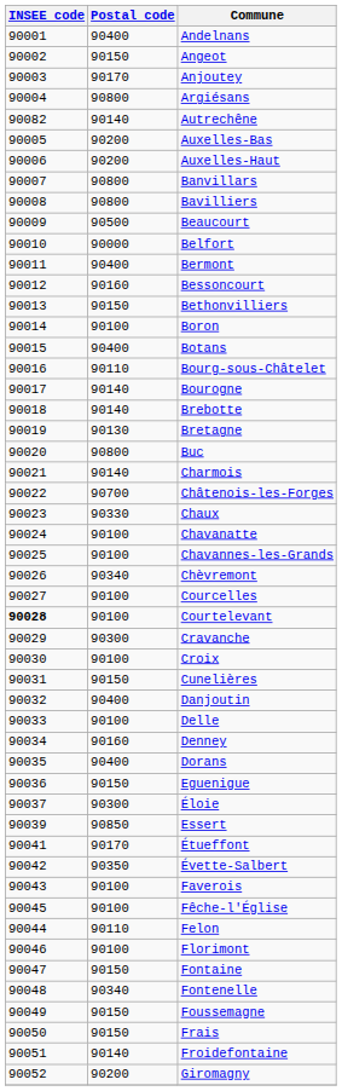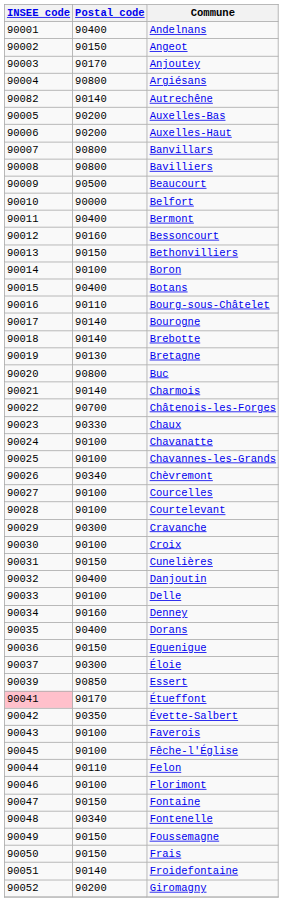 <table class="wikitable sortable">
 <tr>
 <th><a href='#'>INSEE code</a></th>
 <th><a href='#'>Postal code</a></th>
 <th>Commune</th>
 </tr>
 <tr>
 <td>90001</td>
 <td>90400</td>
 <td><a href='#'>Andelnans</a></td>
 </tr>
 <tr>
 <td>90002</td>
 <td>90150</td>
 <td><a href='#'>Angeot</a></td>
 </tr>
 <tr>
 <td>90003</td>
 <td>90170</td>
 <td><a href='#'>Anjoutey</a></td>
 </tr>
 <tr>
 <td>90004</td>
 <td>90800</td>
 <td><a href='#'>Argiésans</a></td>
 </tr>
 <tr>
 <td>90082</td>
 <td>90140</td>
 <td><a href='#'>Autrechêne</a></td>
 </tr>
 <tr>
 <td>90005</td>
 <td>90200</td>
 <td><a href='#'>Auxelles-Bas</a></td>
 </tr>
 <tr>
 <td>90006</td>
 <td>90200</td>
 <td><a href='#'>Auxelles-Haut</a></td>
 </tr>
 <tr>
 <td>90007</td>
 <td>90800</td>
 <td><a href='#'>Banvillars</a></td>
 </tr>
 <tr>
 <td>90008</td>
 <td>90800</td>
 <td><a href='#'>Bavilliers</a></td>
 </tr>
 <tr>
 <td>90009</td>
 <td>90500</td>
 <td><a href='#'>Beaucourt</a></td>
 </tr>
 <tr>
 <td>90010</td>
 <td>90000</td>
 <td><a href='#'>Belfort</a></td>
 </tr>
 <tr>
 <td>90011</td>
 <td>90400</td>
 <td><a href='#'>Bermont</a></td>
 </tr>
 <tr>
 <td>90012</td>
 <td>90160</td>
 <td><a href='#'>Bessoncourt</a></td>
 </tr>
 <tr>
 <td>90013</td>
 <td>90150</td>
 <td><a href='#'>Bethonvilliers</a></td>
 </tr>
 <tr>
 <td>90014</td>
 <td>90100</td>
 <td><a href='#'>Boron</a></td>
 </tr>
 <tr>
 <td>90015</td>
 <td>90400</td>
 <td><a href='#'>Botans</a></td>
 </tr>
 <tr>
 <td>90016</td>
 <td>90110</td>
 <td><a href='#'>Bourg-sous-Châtelet</a></td>
 </tr>
 <tr>
 <td>90017</td>
 <td>90140</td>
 <td><a href='#'>Bourogne</a></td>
 </tr>
 <tr>
 <td>90018</td>
 <td>90140</td>
 <td><a href='#'>Brebotte</a></td>
 </tr>
 <tr>
 <td>90019</td>
 <td>90130</td>
 <td><a href='#'>Bretagne</a></td>
 </tr>
 <tr>
 <td>90020</td>
 <td>90800</td>
 <td><a href='#'>Buc</a></td>
 </tr>
 <tr>
 <td>90021</td>
 <td>90140</td>
 <td><a href='#'>Charmois</a></td>
 </tr>
 <tr>
 <td>90022</td>
 <td>90700</td>
 <td><a href='#'>Châtenois-les-Forges</a></td>
 </tr>
 <tr>
 <td>90023</td>
 <td>90330</td>
 <td><a href='#'>Chaux</a></td>
 </tr>
 <tr>
 <td>90024</td>
 <td>90100</td>
 <td><a href='#'>Chavanatte</a></td>
 </tr>
 <tr>
 <td>90025</td>
 <td>90100</td>
 <td><a href='#'>Chavannes-les-Grands</a></td>
 </tr>
 <tr>
 <td>90026</td>
 <td>90340</td>
 <td><a href='#'>Chèvremont</a></td>
 </tr>
 <tr>
 <td>90027</td>
 <td>90100</td>
 <td><a href='#'>Courcelles</a></td>
 </tr>
 <tr>
-<td><strong>90028</strong></td>
+<td>90028</td>
 <td>90100</td>
 <td><a href='#'>Courtelevant</a></td>
 </tr>
 <tr>
 <td>90029</td>
 <td>90300</td>
 <td><a href='#'>Cravanche</a></td>
 </tr>
 <tr>
 <td>90030</td>
 <td>90100</td>
 <td><a href='#'>Croix</a></td>
 </tr>
 <tr>
 <td>90031</td>
 <td>90150</td>
 <td><a href='#'>Cunelières</a></td>
 </tr>
 <tr>
 <td>90032</td>
 <td>90400</td>
 <td><a href='#'>Danjoutin</a></td>
 </tr>
 <tr>
 <td>90033</td>
 <td>90100</td>
 <td><a href='#'>Delle</a></td>
 </tr>
 <tr>
 <td>90034</td>
 <td>90160</td>
 <td><a href='#'>Denney</a></td>
 </tr>
 <tr>
 <td>90035</td>
 <td>90400</td>
 <td><a href='#'>Dorans</a></td>
 </tr>
 <tr>
 <td>90036</td>
 <td>90150</td>
 <td><a href='#'>Eguenigue</a></td>
 </tr>
 <tr>
 <td>90037</td>
 <td>90300</td>
 <td><a href='#'>Éloie</a></td>
 </tr>
 <tr>
 <td>90039</td>
 <td>90850</td>
 <td><a href='#'>Essert</a></td>
 </tr>
 <tr>
-<td>90041</td>
+<td style="background: pink;">90041</td>
 <td>90170</td>
 <td><a href='#'>Étueffont</a></td>
 </tr>
 <tr>
 <td>90042</td>
 <td>90350</td>
 <td><a href='#'>Évette-Salbert</a></td>
 </tr>
 <tr>
 <td>90043</td>
 <td>90100</td>
 <td><a href='#'>Faverois</a></td>
 </tr>
 <tr>
 <td>90045</td>
 <td>90100</td>
 <td><a href='#'>Fêche-l'Église</a></td>
 </tr>
 <tr>
 <td>90044</td>
 <td>90110</td>
 <td><a href='#'>Felon</a></td>
 </tr>
 <tr>
 <td>90046</td>
 <td>90100</td>
 <td><a href='#'>Florimont</a></td>
 </tr>
 <tr>
 <td>90047</td>
 <td>90150</td>
 <td><a href='#'>Fontaine</a></td>
 </tr>
 <tr>
 <td>90048</td>
 <td>90340</td>
 <td><a href='#'>Fontenelle</a></td>
 </tr>
 <tr>
 <td>90049</td>
 <td>90150</td>
 <td><a href='#'>Foussemagne</a></td>
 </tr>
 <tr>
 <td>90050</td>
 <td>90150</td>
 <td><a href='#'>Frais</a></td>
 </tr>
 <tr>
 <td>90051</td>
 <td>90140</td>
 <td><a href='#'>Froidefontaine</a></td>
 </tr>
 <tr>
 <td>90052</td>
 <td>90200</td>
 <td><a href='#'>Giromagny</a></td>
 </tr>
 <tr>
 </tr>
 </table>
